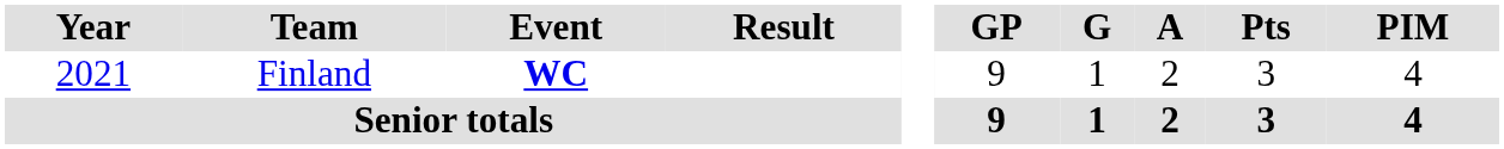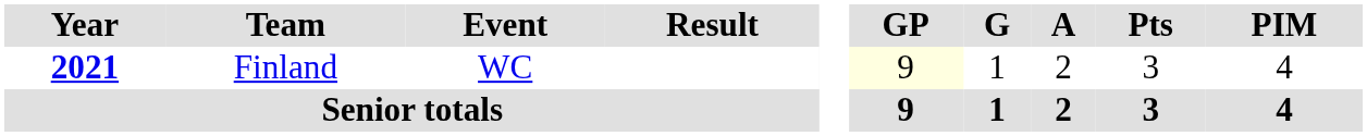 <table border="0" cellpadding="1" cellspacing="0" style="text-align:center; width:40em">
 <tr ALIGN="center" bgcolor="#e0e0e0">
 <th>Year</th>
 <th>Team</th>
 <th>Event</th>
 <th>Result</th>
 <th rowspan="99" bgcolor="#ffffff"> </th>
 <th>GP</th>
 <th>G</th>
 <th>A</th>
 <th>Pts</th>
 <th>PIM</th>
 </tr>
 <tr>
-<td><a href='#'>2021</a></td>
+<td><strong><a href='#'>2021</a></strong></td>
 <td><a href='#'>Finland</a></td>
-<td><strong><a href='#'>WC</a></strong></td>
+<td><a href='#'>WC</a></td>
 <td></td>
-<td>9</td>
+<td style="background: lightyellow;">9</td>
 <td>1</td>
 <td>2</td>
 <td>3</td>
 <td>4</td>
 </tr>
 <tr bgcolor="#e0e0e0">
 <th colspan="4">Senior totals</th>
 <th>9</th>
 <th>1</th>
 <th>2</th>
 <th>3</th>
 <th>4</th>
 </tr>
 </table>
